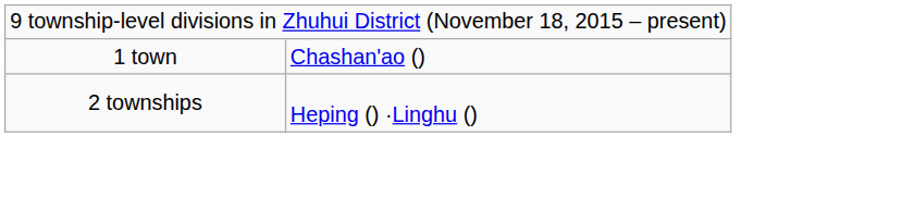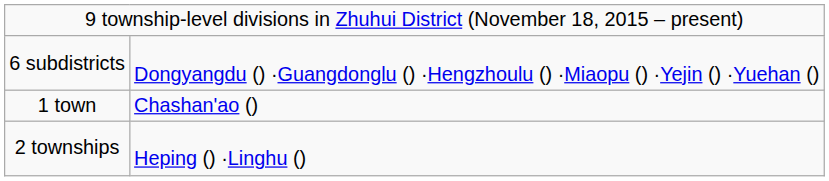 <table class="wikitable">
 <tr>
 <td style="text-align:center;" colspan="2">9 township-level divisions in <a href='#'>Zhuhui District</a> (November 18, 2015 – present)</td>
+</tr>
+<tr align=left>
+<td align=center>6 subdistricts</td>
+<td><br><a href='#'>Dongyangdu</a> () ·<a href='#'>Guangdonglu</a> () ·<a href='#'>Hengzhoulu</a> () ·<a href='#'>Miaopu</a> () ·<a href='#'>Yejin</a> () ·<a href='#'>Yuehan</a> ()</td>
 </tr>
 <tr align=left>
 <td align=center>1 town</td>
 <td><a href='#'>Chashan'ao</a> ()</td>
 </tr>
 <tr align=left>
 <td align=center>2 townships</td>
 <td><br><a href='#'>Heping</a> () ·<a href='#'>Linghu</a> ()</td>
 </tr>
 </table>
